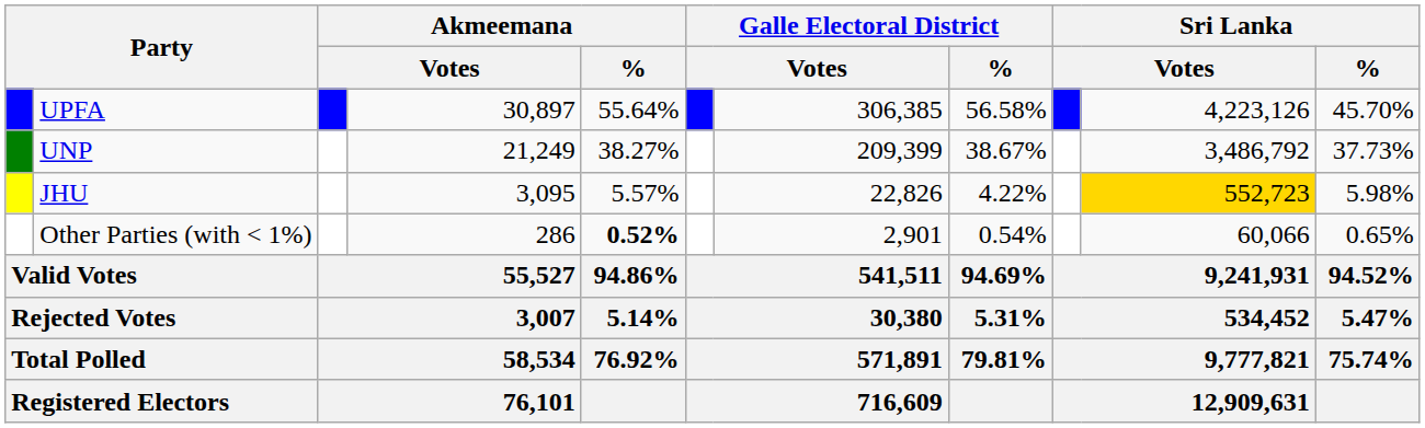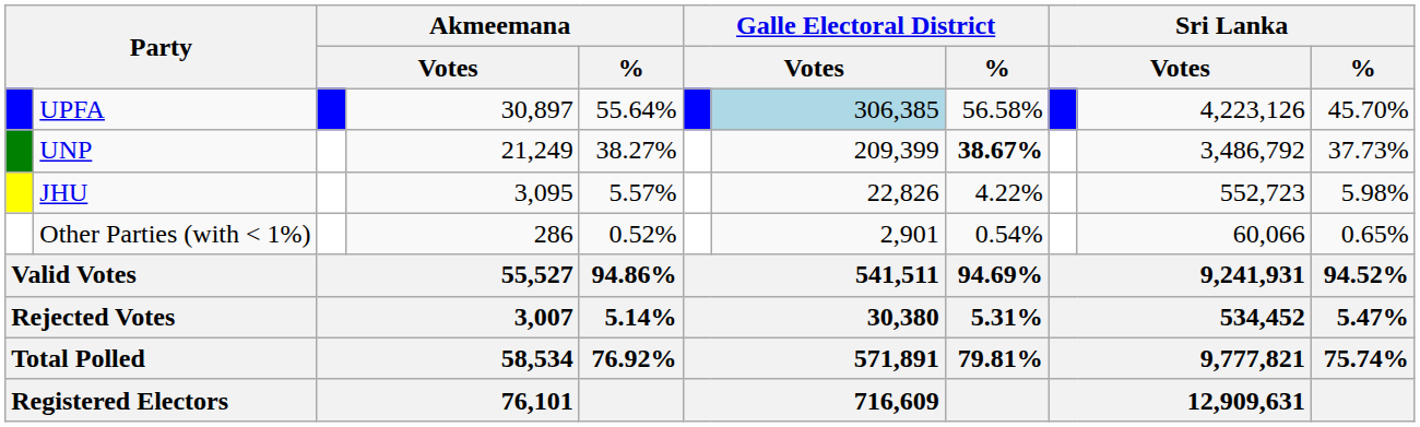 <table class="wikitable">
 <tr>
 <th colspan="2" width="144px"rowspan="2">Party</th>
 <th colspan="3" width="216px">Akmeemana</th>
 <th colspan="3" width="216px"><a href='#'>Galle Electoral District</a></th>
 <th colspan="3" width="216px">Sri Lanka</th>
 </tr>
 <tr>
 <th colspan="2" width="144px">Votes</th>
 <th>%</th>
 <th colspan="2" width="144px">Votes</th>
 <th>%</th>
 <th colspan="2" width="144px">Votes</th>
 <th>%</th>
 </tr>
 <tr>
 <td style="background-color:blue;" width="10px"></td>
 <td style="text-align:left;"><a href='#'>UPFA</a></td>
 <td style="background-color:blue;" width="10px"></td>
 <td style="text-align:right;">30,897</td>
 <td style="text-align:right;">55.64%</td>
 <td style="background-color:blue;" width="10px"></td>
-<td style="text-align:right;">306,385</td>
+<td style="background: lightblue; text-align:right;">306,385</td>
 <td style="text-align:right;">56.58%</td>
 <td style="background-color:blue;" width="10px"></td>
 <td style="text-align:right;">4,223,126</td>
 <td style="text-align:right;">45.70%</td>
 </tr>
 <tr>
 <td style="background-color:green;" width="10px"></td>
 <td style="text-align:left;"><a href='#'>UNP</a></td>
 <td style="background-color:white;" width="10px"></td>
 <td style="text-align:right;">21,249</td>
 <td style="text-align:right;">38.27%</td>
 <td style="background-color:white;" width="10px"></td>
 <td style="text-align:right;">209,399</td>
-<td style="text-align:right;">38.67%</td>
+<td style="text-align:right;"><strong>38.67%</strong></td>
 <td style="background-color:white;" width="10px"></td>
 <td style="text-align:right;">3,486,792</td>
 <td style="text-align:right;">37.73%</td>
 </tr>
 <tr>
 <td style="background-color:yellow;" width="10px"></td>
 <td style="text-align:left;"><a href='#'>JHU</a></td>
 <td style="background-color:white;" width="10px"></td>
 <td style="text-align:right;">3,095</td>
 <td style="text-align:right;">5.57%</td>
 <td style="background-color:white;" width="10px"></td>
 <td style="text-align:right;">22,826</td>
 <td style="text-align:right;">4.22%</td>
 <td style="background-color:white;" width="10px"></td>
-<td style="background: gold; text-align:right;">552,723</td>
+<td style="text-align:right;">552,723</td>
 <td style="text-align:right;">5.98%</td>
 </tr>
 <tr>
 <td style="background-color:white;" width="10px"></td>
 <td style="text-align:left;">Other Parties (with < 1%)</td>
 <td style="background-color:white;" width="10px"></td>
 <td style="text-align:right;">286</td>
-<td style="text-align:right;"><strong>0.52%</strong></td>
+<td style="text-align:right;">0.52%</td>
 <td style="background-color:white;" width="10px"></td>
 <td style="text-align:right;">2,901</td>
 <td style="text-align:right;">0.54%</td>
 <td style="background-color:white;" width="10px"></td>
 <td style="text-align:right;">60,066</td>
 <td style="text-align:right;">0.65%</td>
 </tr>
 <tr>
 <th colspan="2" width="144px"style="text-align:left;">Valid Votes</th>
 <th style="text-align:right;"colspan="2" width="144px">55,527</th>
 <th style="text-align:right;">94.86%</th>
 <th style="text-align:right;"colspan="2" width="144px">541,511</th>
 <th style="text-align:right;">94.69%</th>
 <th style="text-align:right;"colspan="2" width="144px">9,241,931</th>
 <th style="text-align:right;">94.52%</th>
 </tr>
 <tr>
 <th colspan="2" width="144px"style="text-align:left;">Rejected Votes</th>
 <th style="text-align:right;"colspan="2" width="144px">3,007</th>
 <th style="text-align:right;">5.14%</th>
 <th style="text-align:right;"colspan="2" width="144px">30,380</th>
 <th style="text-align:right;">5.31%</th>
 <th style="text-align:right;"colspan="2" width="144px">534,452</th>
 <th style="text-align:right;">5.47%</th>
 </tr>
 <tr>
 <th colspan="2" width="144px"style="text-align:left;">Total Polled</th>
 <th style="text-align:right;"colspan="2" width="144px">58,534</th>
 <th style="text-align:right;">76.92%</th>
 <th style="text-align:right;"colspan="2" width="144px">571,891</th>
 <th style="text-align:right;">79.81%</th>
 <th style="text-align:right;"colspan="2" width="144px">9,777,821</th>
 <th style="text-align:right;">75.74%</th>
 </tr>
 <tr>
 <th colspan="2" width="144px"style="text-align:left;">Registered Electors</th>
 <th style="text-align:right;"colspan="2" width="144px">76,101</th>
 <th></th>
 <th style="text-align:right;"colspan="2" width="144px">716,609</th>
 <th></th>
 <th style="text-align:right;"colspan="2" width="144px">12,909,631</th>
 <th></th>
 </tr>
 </table>
